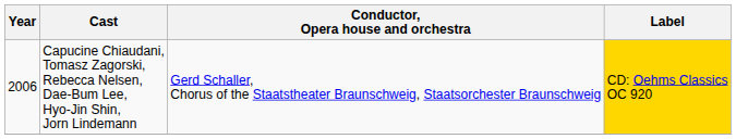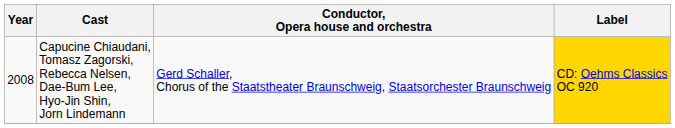 <table class="wikitable">
 <tr>
 <th>Year</th>
 <th>Cast</th>
 <th>Conductor,<br>Opera house and orchestra</th>
 <th>Label</th>
 </tr>
 <tr>
-<td>2006</td>
+<td>2008</td>
 <td>Capucine Chiaudani,<br>Tomasz Zagorski,<br>Rebecca Nelsen,<br>Dae-Bum Lee,<br>Hyo-Jin Shin,<br>Jorn Lindemann</td>
 <td><a href='#'>Gerd Schaller</a>,<br>Chorus of the <a href='#'>Staatstheater Braunschweig</a>, <a href='#'>Staatsorchester Braunschweig</a></td>
 <td style="background: gold;">CD: <a href='#'>Oehms Classics</a><br>OC 920</td>
 </tr>
 <tr>
 </tr>
 </table>
